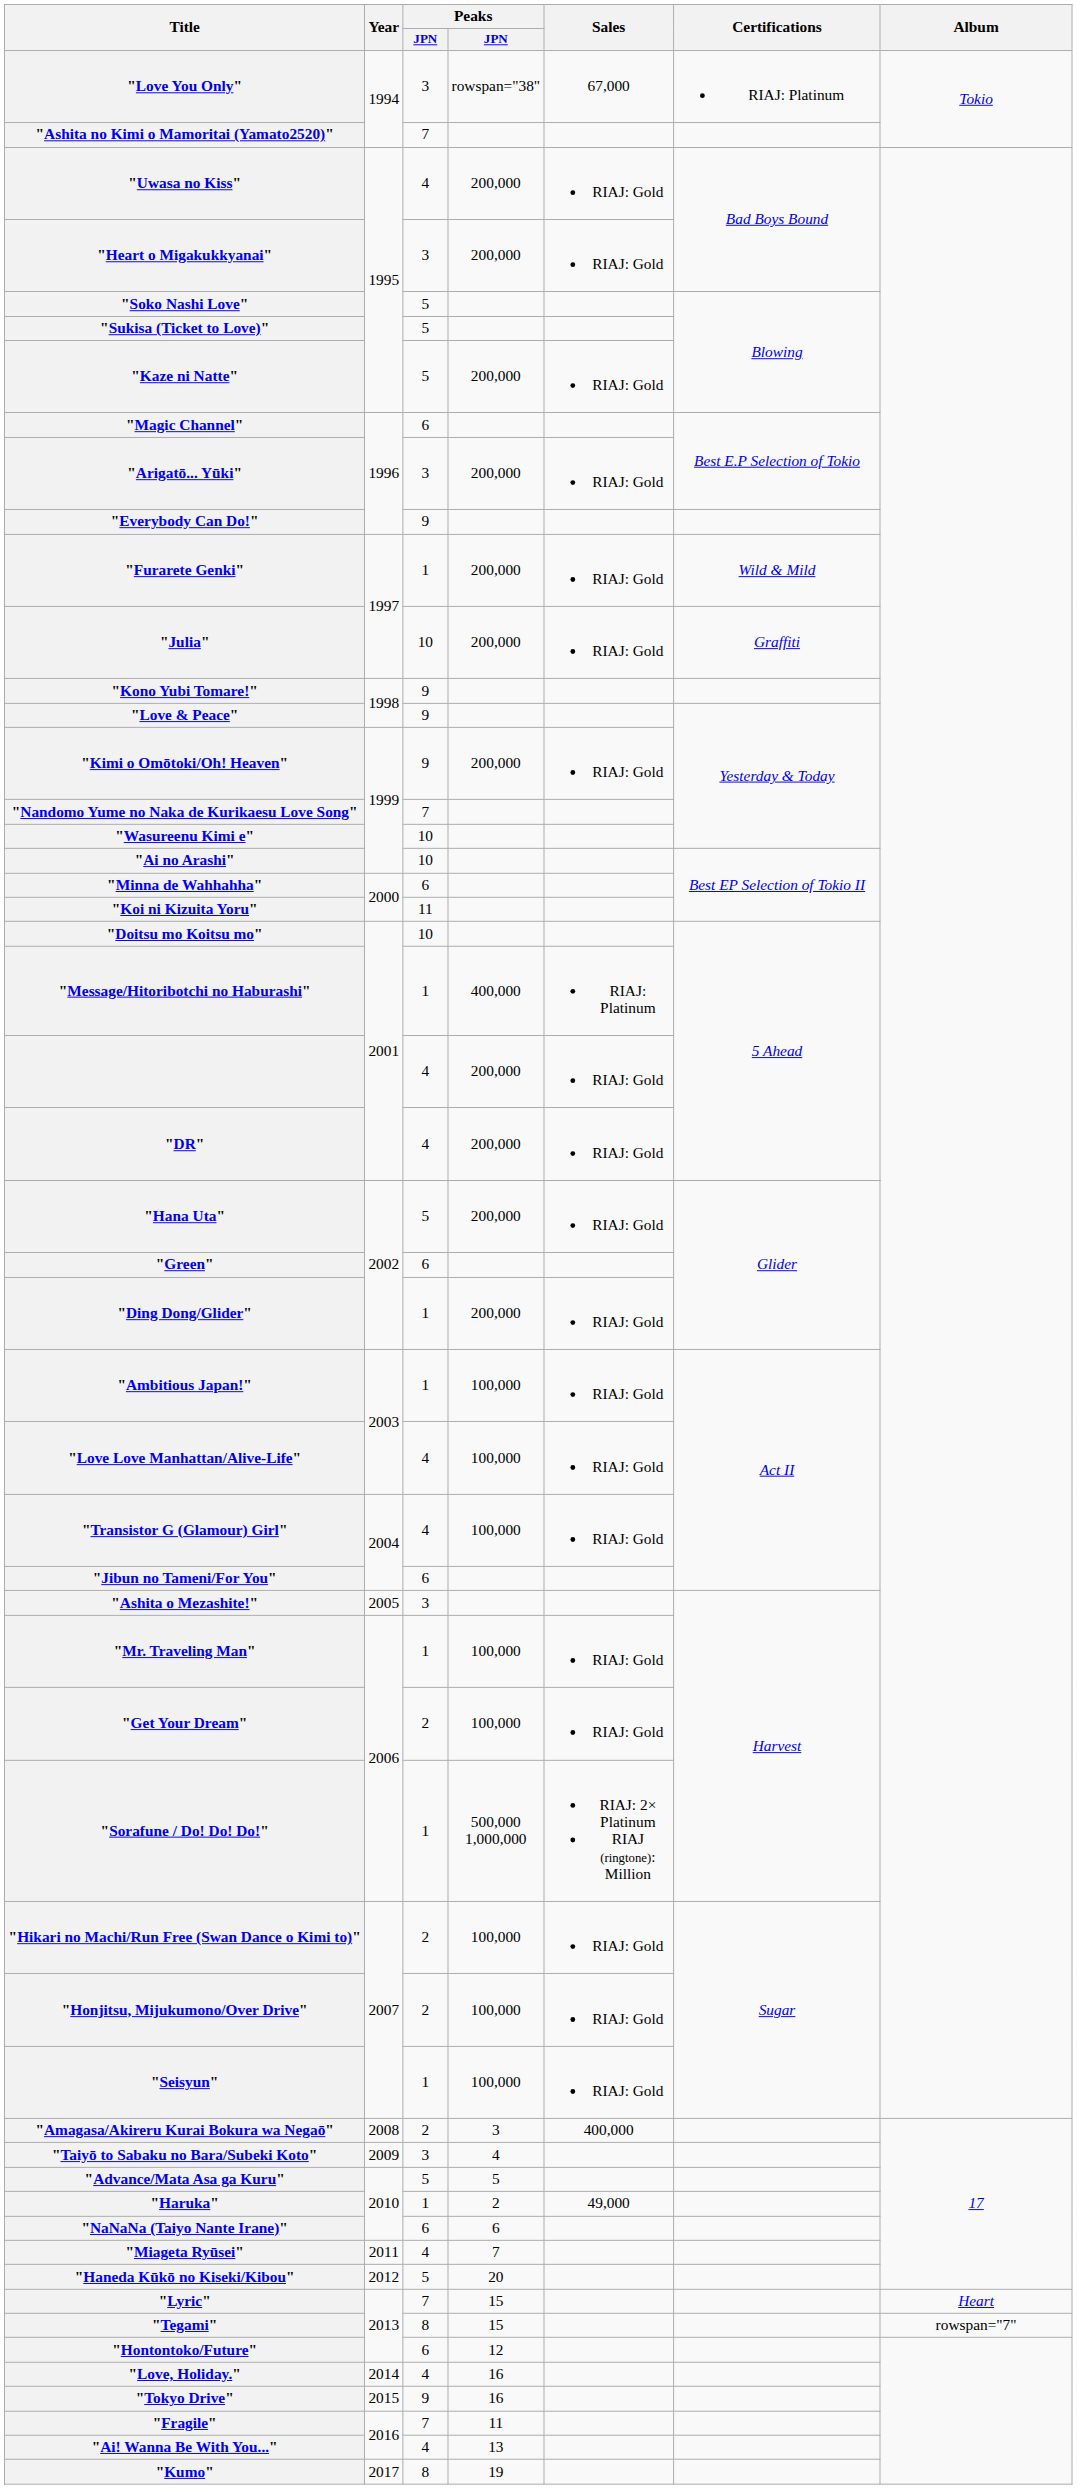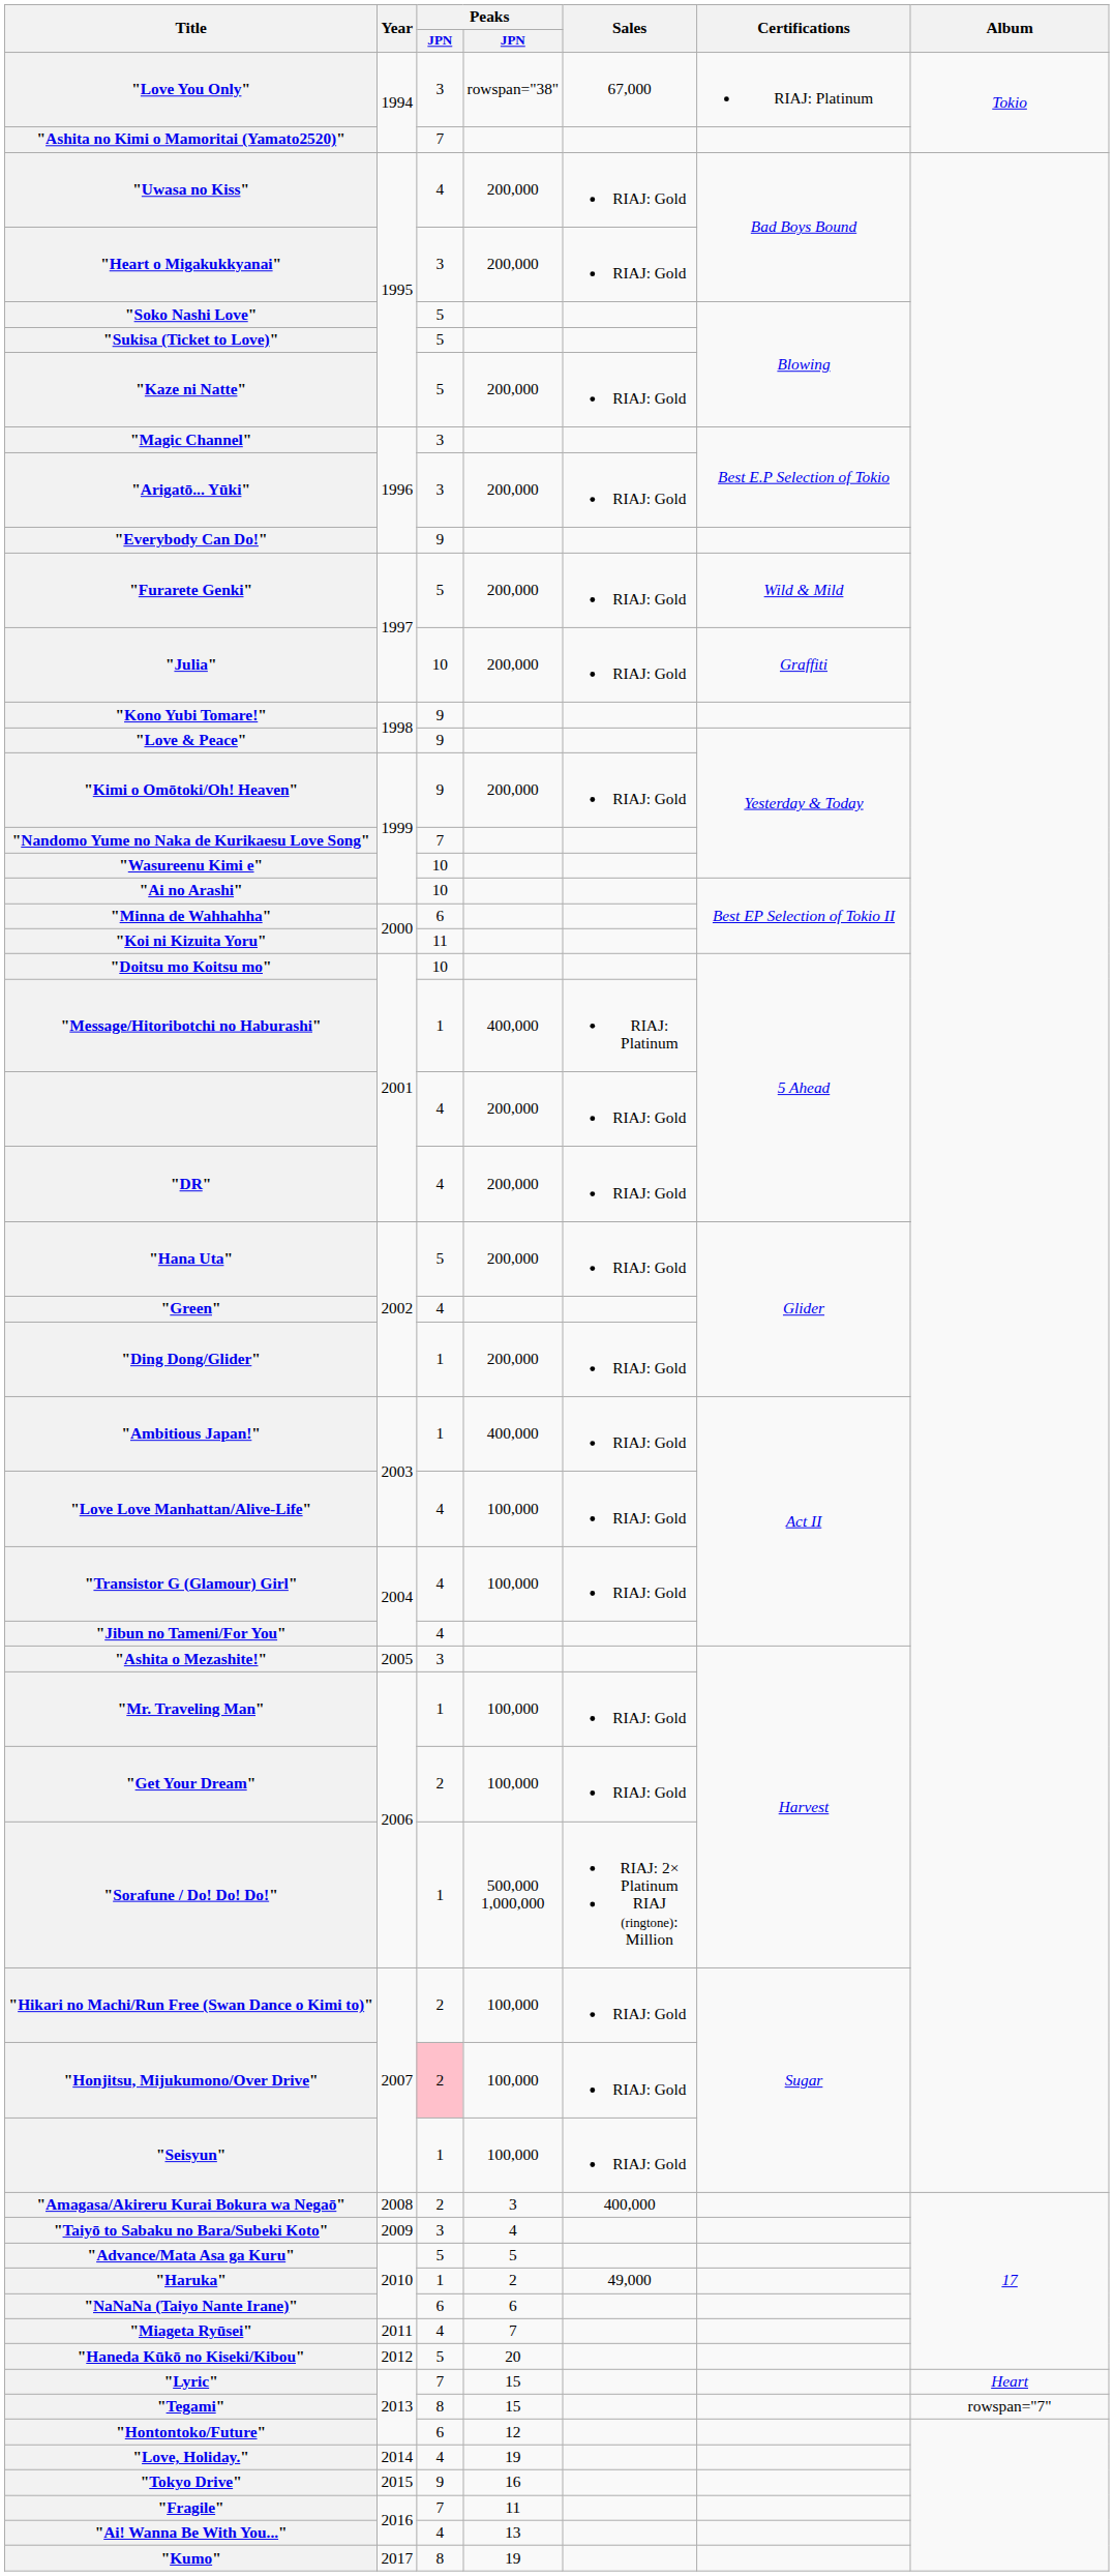 <table class="wikitable plainrowheaders" style="text-align: center;" border="1">
 <tr>
 <th rowspan="2" scope="col" style="width:23em;">Title</th>
 <th rowspan="2" scope="col" style="width:1em;">Year</th>
 <th colspan="2" scope="col">Peaks</th>
 <th rowspan="2" scope="col" style="width:8em;">Sales</th>
 <th rowspan="2" scope="col" style="width:13em;">Certifications</th>
 <th rowspan="2" scope="col" style="width:12em;">Album</th>
 </tr>
 <tr>
 <th scope="col" style="width:3em;font-size:85%;"><a href='#'>JPN</a><br></th>
 <th scope="col" style="width:3em;font-size:85%;"><a href='#'>JPN </a><br></th>
 </tr>
 <tr>
 <th scope="row">"<a href='#'>Love You Only</a>"</th>
 <td rowspan="2">1994</td>
 <td>3</td>
 <td>rowspan="38" </td>
 <td>67,000</td>
 <td><br><ul><li>RIAJ: Platinum</li></ul></td>
 <td rowspan="2"><em><a href='#'>Tokio</a></em></td>
 </tr>
 <tr>
 <th scope="row">"<a href='#'>Ashita no Kimi o Mamoritai (Yamato2520)</a>"</th>
 <td>7</td>
 <td></td>
 <td></td>
 </tr>
 <tr>
 <th scope="row">"<a href='#'>Uwasa no Kiss</a>"</th>
 <td rowspan="5">1995</td>
 <td>4</td>
 <td>200,000</td>
 <td><br><ul><li>RIAJ: Gold</li></ul></td>
 <td rowspan="2"><em><a href='#'>Bad Boys Bound</a></em></td>
 </tr>
 <tr>
 <th scope="row">"<a href='#'>Heart o Migakukkyanai</a>"</th>
 <td>3</td>
 <td>200,000</td>
 <td><br><ul><li>RIAJ: Gold</li></ul></td>
 </tr>
 <tr>
 <th scope="row">"<a href='#'>Soko Nashi Love</a>"</th>
 <td>5</td>
 <td></td>
 <td></td>
 <td rowspan="3"><em><a href='#'>Blowing</a></em></td>
 </tr>
 <tr>
 <th scope="row">"<a href='#'>Sukisa (Ticket to Love)</a>"</th>
 <td>5</td>
 <td></td>
 <td></td>
 </tr>
 <tr>
 <th scope="row">"<a href='#'>Kaze ni Natte</a>"</th>
 <td>5</td>
 <td>200,000</td>
 <td><br><ul><li>RIAJ: Gold</li></ul></td>
 </tr>
 <tr>
 <th scope="row">"<a href='#'>Magic Channel</a>"</th>
 <td rowspan="3">1996</td>
-<td>6</td>
+<td>3</td>
 <td></td>
 <td></td>
 <td rowspan="2"><em><a href='#'>Best E.P Selection of Tokio</a></em></td>
 </tr>
 <tr>
 <th scope="row">"<a href='#'>Arigatō... Yūki</a>"</th>
 <td>3</td>
 <td>200,000</td>
 <td><br><ul><li>RIAJ: Gold</li></ul></td>
 </tr>
 <tr>
 <th scope="row">"<a href='#'>Everybody Can Do!</a>"</th>
 <td>9</td>
 <td></td>
 <td></td>
 <td></td>
 </tr>
 <tr>
 <th scope="row">"<a href='#'>Furarete Genki</a>"</th>
 <td rowspan="2">1997</td>
-<td>1</td>
+<td>5</td>
 <td>200,000</td>
 <td><br><ul><li>RIAJ: Gold</li></ul></td>
 <td><em><a href='#'>Wild & Mild</a></em></td>
 </tr>
 <tr>
 <th scope="row">"<a href='#'>Julia</a>"</th>
 <td>10</td>
 <td>200,000</td>
 <td><br><ul><li>RIAJ: Gold</li></ul></td>
 <td><em><a href='#'>Graffiti</a></em></td>
 </tr>
 <tr>
 <th scope="row">"<a href='#'>Kono Yubi Tomare!</a>"</th>
 <td rowspan="2">1998</td>
 <td>9</td>
 <td></td>
 <td></td>
 <td></td>
 </tr>
 <tr>
 <th scope="row">"<a href='#'>Love & Peace</a>"</th>
 <td>9</td>
 <td></td>
 <td></td>
 <td rowspan="4"><em><a href='#'>Yesterday & Today</a></em></td>
 </tr>
 <tr>
 <th scope="row">"<a href='#'>Kimi o Omōtoki/Oh! Heaven</a>"</th>
 <td rowspan="4">1999</td>
 <td>9</td>
 <td>200,000</td>
 <td><br><ul><li>RIAJ: Gold</li></ul></td>
 </tr>
 <tr>
 <th scope="row">"<a href='#'>Nandomo Yume no Naka de Kurikaesu Love Song</a>"</th>
 <td>7</td>
 <td></td>
 <td></td>
 </tr>
 <tr>
 <th scope="row">"<a href='#'>Wasureenu Kimi e</a>"</th>
 <td>10</td>
 <td></td>
 <td></td>
 </tr>
 <tr>
 <th scope="row">"<a href='#'>Ai no Arashi</a>"</th>
 <td>10</td>
 <td></td>
 <td></td>
 <td rowspan="3"><em><a href='#'>Best EP Selection of Tokio II</a></em></td>
 </tr>
 <tr>
 <th scope="row">"<a href='#'>Minna de Wahhahha</a>"</th>
 <td rowspan="2">2000</td>
 <td>6</td>
 <td></td>
 <td></td>
 </tr>
 <tr>
 <th scope="row">"<a href='#'>Koi ni Kizuita Yoru</a>"</th>
 <td>11</td>
 <td></td>
 <td></td>
 </tr>
 <tr>
 <th scope="row">"<a href='#'>Doitsu mo Koitsu mo</a>"</th>
 <td rowspan="4">2001</td>
 <td>10</td>
 <td></td>
 <td></td>
 <td rowspan="4"><em><a href='#'>5 Ahead</a></em></td>
 </tr>
 <tr>
 <th scope="row">"<a href='#'>Message/Hitoribotchi no Haburashi</a>"</th>
 <td>1</td>
 <td>400,000</td>
 <td><br><ul><li>RIAJ: Platinum</li></ul></td>
 </tr>
 <tr>
 <th scope="row"></th>
 <td>4</td>
 <td>200,000</td>
 <td><br><ul><li>RIAJ: Gold</li></ul></td>
 </tr>
 <tr>
 <th scope="row">"<a href='#'>DR</a>"</th>
 <td>4</td>
 <td>200,000</td>
 <td><br><ul><li>RIAJ: Gold</li></ul></td>
 </tr>
 <tr>
 </tr>
 <tr>
 <th scope="row">"<a href='#'>Hana Uta</a>"</th>
 <td rowspan="3">2002</td>
 <td>5</td>
 <td>200,000</td>
 <td><br><ul><li>RIAJ: Gold</li></ul></td>
 <td rowspan="3"><em><a href='#'>Glider</a></em></td>
 </tr>
 <tr>
 <th scope="row">"<a href='#'>Green</a>"</th>
-<td>6</td>
+<td>4</td>
 <td></td>
 <td></td>
 </tr>
 <tr>
 <th scope="row">"<a href='#'>Ding Dong/Glider</a>"</th>
 <td>1</td>
 <td>200,000</td>
 <td><br><ul><li>RIAJ: Gold</li></ul></td>
 </tr>
 <tr>
 <th scope="row">"<a href='#'>Ambitious Japan!</a>"</th>
 <td rowspan="2">2003</td>
 <td>1</td>
-<td>100,000</td>
+<td>400,000</td>
 <td><br><ul><li>RIAJ: Gold</li></ul></td>
 <td rowspan="4"><em><a href='#'>Act II</a></em></td>
 </tr>
 <tr>
 <th scope="row">"<a href='#'>Love Love Manhattan/Alive-Life</a>"</th>
 <td>4</td>
 <td>100,000</td>
 <td><br><ul><li>RIAJ: Gold</li></ul></td>
 </tr>
 <tr>
 <th scope="row">"<a href='#'>Transistor G (Glamour) Girl</a>"</th>
 <td rowspan="2">2004</td>
 <td>4</td>
 <td>100,000</td>
 <td><br><ul><li>RIAJ: Gold</li></ul></td>
 </tr>
 <tr>
 <th scope="row">"<a href='#'>Jibun no Tameni/For You</a>"</th>
-<td>6</td>
+<td>4</td>
 <td></td>
 <td></td>
 </tr>
 <tr>
 <th scope="row">"<a href='#'>Ashita o Mezashite!</a>"</th>
 <td>2005</td>
 <td>3</td>
 <td></td>
 <td></td>
 <td rowspan="4"><em><a href='#'>Harvest</a></em></td>
 </tr>
 <tr>
 <th scope="row">"<a href='#'>Mr. Traveling Man</a>"</th>
 <td rowspan="3">2006</td>
 <td>1</td>
 <td>100,000</td>
 <td><br><ul><li>RIAJ: Gold</li></ul></td>
 </tr>
 <tr>
 <th scope="row">"<a href='#'>Get Your Dream</a>"</th>
 <td>2</td>
 <td>100,000</td>
 <td><br><ul><li>RIAJ: Gold</li></ul></td>
 </tr>
 <tr>
 <th scope="row">"<a href='#'>Sorafune / Do! Do! Do!</a>"</th>
 <td>1</td>
 <td>500,000<br>1,000,000</td>
 <td><br><ul><li>RIAJ: 2× Platinum</li><li>RIAJ <small>(ringtone)</small>: Million</li></ul></td>
 </tr>
 <tr>
 <th scope="row">"<a href='#'>Hikari no Machi/Run Free (Swan Dance o Kimi to)</a>"</th>
 <td rowspan="3">2007</td>
 <td>2</td>
 <td>100,000</td>
 <td><br><ul><li>RIAJ: Gold</li></ul></td>
 <td rowspan="3"><em><a href='#'>Sugar</a></em></td>
 </tr>
 <tr>
 <th scope="row">"<a href='#'>Honjitsu, Mijukumono/Over Drive</a>"</th>
-<td>2</td>
+<td style="background: pink;">2</td>
 <td>100,000</td>
 <td><br><ul><li>RIAJ: Gold</li></ul></td>
 </tr>
 <tr>
 <th scope="row">"<a href='#'>Seisyun</a>"</th>
 <td>1</td>
 <td>100,000</td>
 <td><br><ul><li>RIAJ: Gold</li></ul></td>
 </tr>
 <tr>
 <th scope="row">"<a href='#'>Amagasa/Akireru Kurai Bokura wa Negaō</a>"</th>
 <td>2008</td>
 <td>2</td>
 <td>3</td>
 <td>400,000</td>
 <td></td>
 <td rowspan="7"><em><a href='#'>17</a></em></td>
 </tr>
 <tr>
 <th scope="row">"<a href='#'>Taiyō to Sabaku no Bara/Subeki Koto</a>"</th>
 <td>2009</td>
 <td>3</td>
 <td>4</td>
 <td></td>
 <td></td>
 </tr>
 <tr>
 <th scope="row">"<a href='#'>Advance/Mata Asa ga Kuru</a>"</th>
 <td rowspan="3">2010</td>
 <td>5</td>
 <td>5</td>
 <td></td>
 <td></td>
 </tr>
 <tr>
 <th scope="row">"<a href='#'>Haruka</a>"</th>
 <td>1</td>
 <td>2</td>
 <td>49,000</td>
 <td></td>
 </tr>
 <tr>
 <th scope="row">"<a href='#'>NaNaNa (Taiyo Nante Irane)</a>"</th>
 <td>6</td>
 <td>6</td>
 <td></td>
 <td></td>
 </tr>
 <tr>
 <th scope="row">"<a href='#'>Miageta Ryūsei</a>"</th>
 <td>2011</td>
 <td>4</td>
 <td>7</td>
 <td></td>
 <td></td>
 </tr>
 <tr>
 <th scope="row">"<a href='#'>Haneda Kūkō no Kiseki/Kibou</a>"</th>
 <td>2012</td>
 <td>5</td>
 <td>20</td>
 <td></td>
 <td></td>
 </tr>
 <tr>
 <th scope="row">"<a href='#'>Lyric</a>"</th>
 <td rowspan="3">2013</td>
 <td>7</td>
 <td>15</td>
 <td></td>
 <td></td>
 <td><em><a href='#'>Heart</a></em></td>
 </tr>
 <tr>
 <th scope="row">"<a href='#'>Tegami</a>"</th>
 <td>8</td>
 <td>15</td>
 <td></td>
 <td></td>
 <td>rowspan="7" </td>
 </tr>
 <tr>
 <th scope="row">"<a href='#'>Hontontoko/Future</a>"</th>
 <td>6</td>
 <td>12</td>
 <td></td>
 <td></td>
 </tr>
 <tr>
 <th scope="row">"<a href='#'>Love, Holiday.</a>"</th>
 <td>2014</td>
 <td>4</td>
-<td>16</td>
+<td>19</td>
 <td></td>
 <td></td>
 </tr>
 <tr>
 <th scope="row">"<a href='#'>Tokyo Drive</a>"</th>
 <td>2015</td>
 <td>9</td>
 <td>16</td>
 <td></td>
 <td></td>
 </tr>
 <tr>
 <th scope="row">"<a href='#'>Fragile</a>"</th>
 <td rowspan="2">2016</td>
 <td>7</td>
 <td>11</td>
 <td></td>
 <td></td>
 </tr>
 <tr>
 <th scope="row">"<a href='#'>Ai! Wanna Be With You...</a>"</th>
 <td>4</td>
 <td>13</td>
 <td></td>
 <td></td>
 </tr>
 <tr>
 <th scope="row">"<a href='#'>Kumo</a>"</th>
 <td>2017</td>
 <td>8</td>
 <td>19</td>
 <td></td>
 <td></td>
 </tr>
 </table>
